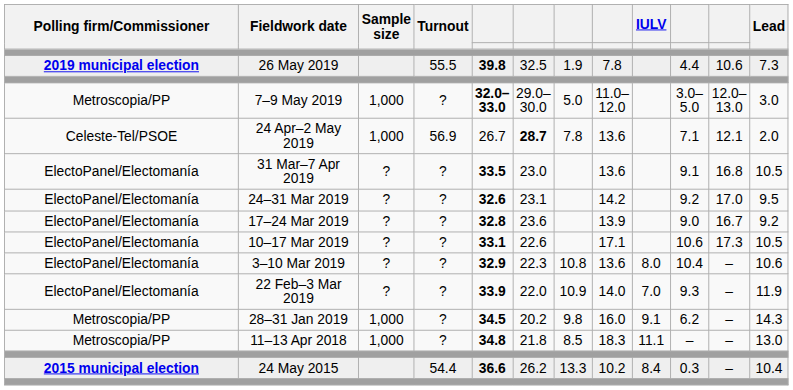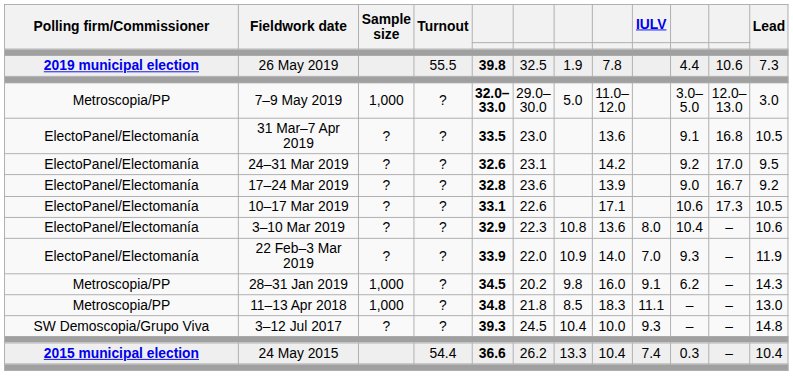 <table class="wikitable collapsible collapsed" style="text-align:center; font-size:95%; line-height:16px;">
 <tr style="height:42px;">
 <th style="width:250px;" rowspan="2">Polling firm/Commissioner</th>
 <th style="width:125px;" rowspan="2">Fieldwork date</th>
 <th style="width:50px;" rowspan="2">Sample size</th>
 <th style="width:45px;" rowspan="2">Turnout</th>
 <th style="width:35px;"></th>
 <th style="width:35px;"></th>
 <th style="width:35px;"></th>
 <th style="width:35px;"></th>
 <th style="width:35px;"><a href='#'>IULV</a></th>
 <th style="width:35px;"></th>
 <th style="width:35px;"></th>
 <th style="width:30px;" rowspan="2">Lead</th>
 </tr>
 <tr>
 <th style="color:inherit;background:"></th>
 <th style="color:inherit;background:"></th>
 <th style="color:inherit;background:"></th>
 <th style="color:inherit;background:"></th>
 <th style="color:inherit;background:"></th>
 <th style="color:inherit;background:"></th>
 <th style="color:inherit;background:"></th>
 </tr>
 <tr>
 <td colspan="12" style="background:#A0A0A0"></td>
 </tr>
 <tr style="background:#EFEFEF;">
 <td><strong><a href='#'>2019 municipal election</a></strong></td>
 <td>26 May 2019</td>
 <td></td>
 <td>55.5</td>
 <td><strong>39.8</strong><br></td>
 <td>32.5<br></td>
 <td>1.9<br></td>
 <td>7.8<br></td>
 <td></td>
 <td>4.4<br></td>
 <td>10.6<br></td>
 <td style="background:">7.3</td>
 </tr>
 <tr>
 <td colspan="12" style="background:#A0A0A0"></td>
 </tr>
 <tr>
 <td>Metroscopia/PP</td>
 <td>7–9 May 2019</td>
 <td>1,000</td>
 <td>?</td>
 <td><strong>32.0–<br>33.0</strong><br></td>
 <td>29.0–<br>30.0<br></td>
 <td>5.0<br></td>
 <td>11.0–<br>12.0<br></td>
 <td></td>
 <td>3.0–<br>5.0<br></td>
 <td>12.0–<br>13.0<br></td>
 <td style="background:">3.0</td>
-</tr>
-<tr>
-<td>Celeste-Tel/PSOE</td>
-<td>24 Apr–2 May 2019</td>
-<td>1,000</td>
-<td>56.9</td>
-<td>26.7<br></td>
-<td><strong>28.7</strong><br></td>
-<td>7.8<br></td>
-<td>13.6<br></td>
-<td></td>
-<td>7.1<br></td>
-<td>12.1<br></td>
-<td style="background:">2.0</td>
 </tr>
 <tr>
 <td>ElectoPanel/Electomanía</td>
 <td>31 Mar–7 Apr 2019</td>
 <td>?</td>
 <td>?</td>
 <td><strong>33.5</strong><br></td>
 <td>23.0<br></td>
 <td></td>
 <td>13.6<br></td>
 <td></td>
 <td>9.1<br></td>
 <td>16.8<br></td>
 <td style="background:">10.5</td>
 </tr>
 <tr>
 <td>ElectoPanel/Electomanía</td>
 <td>24–31 Mar 2019</td>
 <td>?</td>
 <td>?</td>
 <td><strong>32.6</strong><br></td>
 <td>23.1<br></td>
 <td></td>
 <td>14.2<br></td>
 <td></td>
 <td>9.2<br></td>
 <td>17.0<br></td>
 <td style="background:">9.5</td>
 </tr>
 <tr>
 <td>ElectoPanel/Electomanía</td>
 <td>17–24 Mar 2019</td>
 <td>?</td>
 <td>?</td>
 <td><strong>32.8</strong><br></td>
 <td>23.6<br></td>
 <td></td>
 <td>13.9<br></td>
 <td></td>
 <td>9.0<br></td>
 <td>16.7<br></td>
 <td style="background:">9.2</td>
 </tr>
 <tr>
 <td>ElectoPanel/Electomanía</td>
 <td>10–17 Mar 2019</td>
 <td>?</td>
 <td>?</td>
 <td><strong>33.1</strong><br></td>
 <td>22.6<br></td>
 <td></td>
 <td>17.1<br></td>
 <td></td>
 <td>10.6<br></td>
 <td>17.3<br></td>
 <td style="background:">10.5</td>
 </tr>
 <tr>
 <td>ElectoPanel/Electomanía</td>
 <td>3–10 Mar 2019</td>
 <td>?</td>
 <td>?</td>
 <td><strong>32.9</strong><br></td>
 <td>22.3<br></td>
 <td>10.8<br></td>
 <td>13.6<br></td>
 <td>8.0<br></td>
 <td>10.4<br></td>
 <td>–</td>
 <td style="background:">10.6</td>
 </tr>
 <tr>
 <td>ElectoPanel/Electomanía</td>
 <td>22 Feb–3 Mar 2019</td>
 <td>?</td>
 <td>?</td>
 <td><strong>33.9</strong><br></td>
 <td>22.0<br></td>
 <td>10.9<br></td>
 <td>14.0<br></td>
 <td>7.0<br></td>
 <td>9.3<br></td>
 <td>–</td>
 <td style="background:">11.9</td>
 </tr>
 <tr>
 <td>Metroscopia/PP</td>
 <td>28–31 Jan 2019</td>
 <td>1,000</td>
 <td>?</td>
 <td><strong>34.5</strong><br></td>
 <td>20.2<br></td>
 <td>9.8<br></td>
 <td>16.0<br></td>
 <td>9.1<br></td>
 <td>6.2<br></td>
 <td>–</td>
 <td style="background:">14.3</td>
 </tr>
 <tr>
 <td>Metroscopia/PP</td>
 <td>11–13 Apr 2018</td>
 <td>1,000</td>
 <td>?</td>
 <td><strong>34.8</strong><br></td>
 <td>21.8<br></td>
 <td>8.5<br></td>
 <td>18.3<br></td>
 <td>11.1<br></td>
 <td>–</td>
 <td>–</td>
 <td style="background:">13.0</td>
 </tr>
 <tr>
+<td>SW Demoscopia/Grupo Viva</td>
+<td>3–12 Jul 2017</td>
+<td>?</td>
+<td>?</td>
+<td><strong>39.3</strong><br></td>
+<td>24.5<br></td>
+<td>10.4<br></td>
+<td>10.0<br></td>
+<td>9.3<br></td>
+<td>–</td>
+<td>–</td>
+<td style="background:">14.8</td>
+</tr>
+<tr>
 <td colspan="12" style="background:#A0A0A0"></td>
 </tr>
 <tr style="background:#EFEFEF;">
 <td><strong><a href='#'>2015 municipal election</a></strong></td>
 <td>24 May 2015</td>
 <td></td>
 <td>54.4</td>
 <td><strong>36.6</strong><br></td>
 <td>26.2<br></td>
 <td>13.3<br></td>
-<td>10.2<br></td>
-<td>8.4<br></td>
+<td>10.4<br></td>
+<td>7.4<br></td>
 <td>0.3<br></td>
 <td>–</td>
 <td style="background:">10.4</td>
 </tr>
 <tr>
 <td colspan="12" style="background:#A0A0A0"></td>
 </tr>
 </table>
